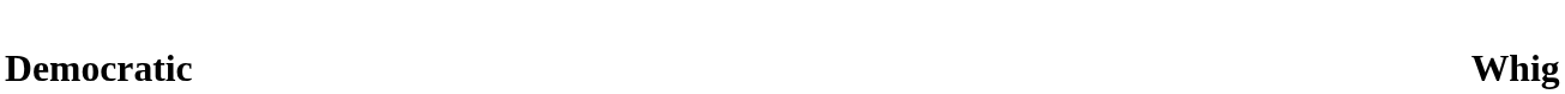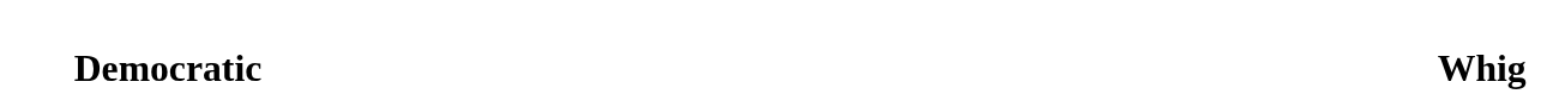 <table style="width:70%; text-align:center">
 <tr style="color:white">
 <td style="background-color:"><strong>125</strong></td>
-<td style="background-color:"><strong>8</strong></td>
 <td style="background-color:"><strong>109</strong></td>
 </tr>
 <tr>
 <td><strong>Democratic</strong></td>
-<td></td>
 <td><strong>Whig</strong></td>
 </tr>
 </table>
